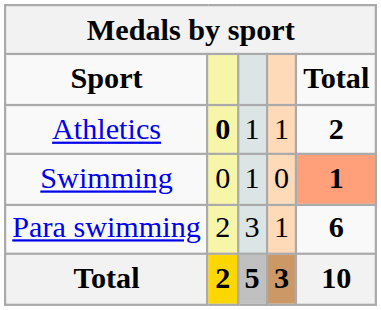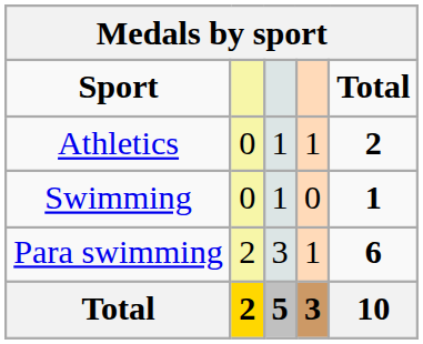 <table class="wikitable" style="font-size:85%">
 <tr style="background:#efefef;">
 <th colspan=7>Medals by sport</th>
 </tr>
 <tr align=center>
 <td><strong>Sport</strong></td>
 <td bgcolor=#f7f6a8></td>
 <td bgcolor=#dce5e5></td>
 <td bgcolor=#ffdab9></td>
 <td><strong>Total</strong></td>
 </tr>
 <tr align=center>
 <td><a href='#'>Athletics</a></td>
-<td style="background:#F7F6A8;"><strong>0</strong></td>
+<td style="background:#F7F6A8;">0</td>
 <td style="background:#DCE5E5;">1</td>
 <td style="background:#FFDAB9;">1</td>
 <td><strong>2</strong></td>
 </tr>
 <tr align=center>
 <td><a href='#'>Swimming</a></td>
 <td style="background:#F7F6A8;">0</td>
 <td style="background:#DCE5E5;">1</td>
 <td style="background:#FFDAB9;">0</td>
-<td style="background: lightsalmon;"><strong>1</strong></td>
+<td><strong>1</strong></td>
 </tr>
 <tr align=center>
 <td><a href='#'>Para swimming</a></td>
 <td style="background:#F7F6A8;">2</td>
 <td style="background:#DCE5E5;">3</td>
 <td style="background:#FFDAB9;">1</td>
 <td><strong>6</strong></td>
 </tr>
 <tr align=center>
 <th>Total</th>
 <th style="background:gold;">2</th>
 <th style="background:silver;">5</th>
 <th style="background:#c96;">3</th>
 <th>10</th>
 </tr>
 </table>
